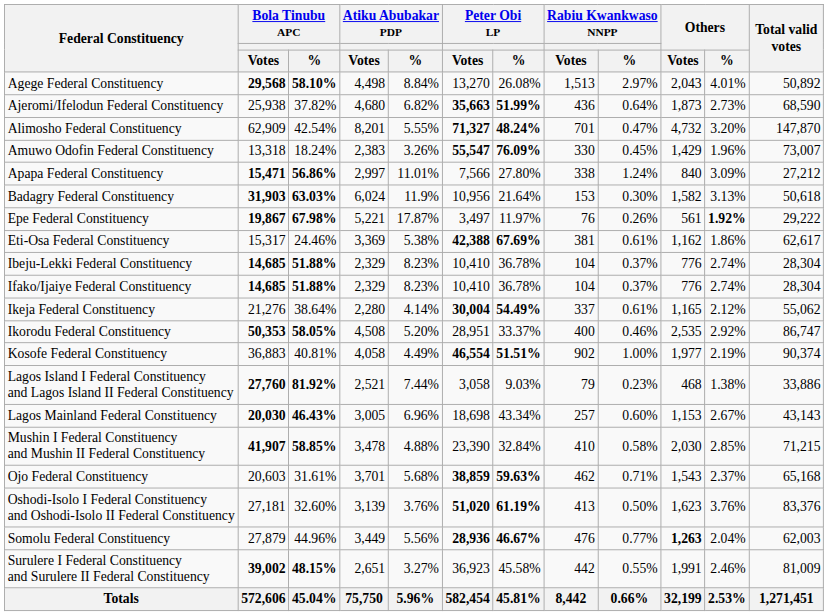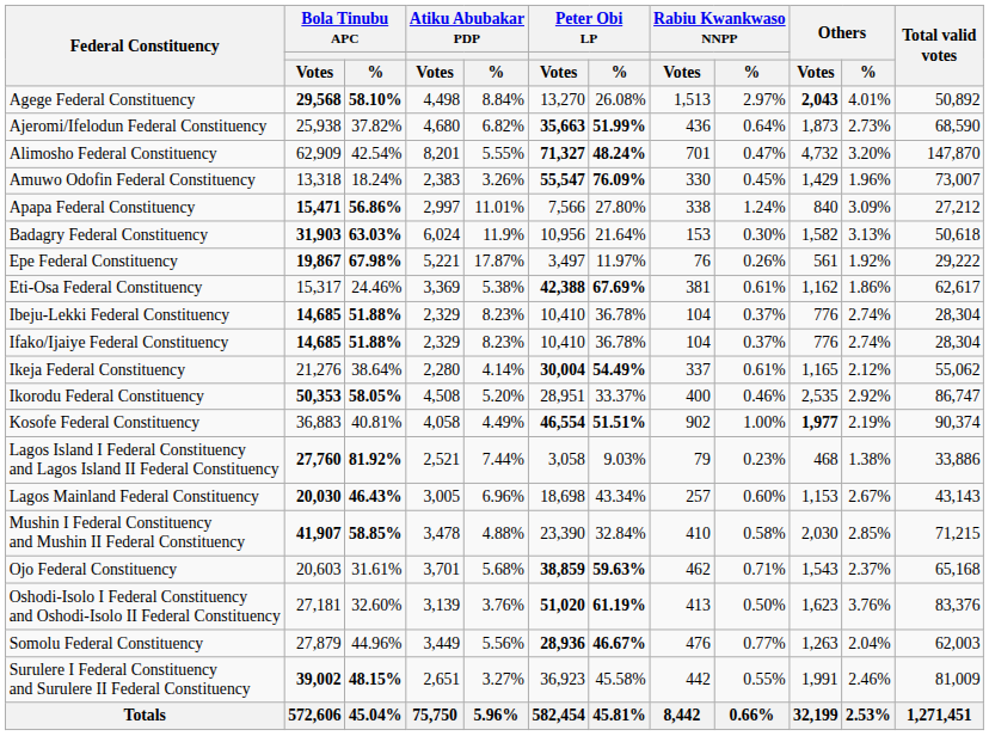 <table class="wikitable sortable" style="text-align:right; font-size:90%">
 <tr>
 <th rowspan="3" style="max-width:7.5em;">Federal Constituency</th>
 <th colspan="2"><a href='#'>Bola Tinubu</a><br><small>APC</small></th>
 <th colspan="2"><a href='#'>Atiku Abubakar</a><br><small>PDP</small></th>
 <th colspan="2"><a href='#'>Peter Obi</a><br><small>LP</small></th>
 <th colspan="2"><a href='#'>Rabiu Kwankwaso</a><br><small>NNPP</small></th>
 <th colspan="2" rowspan="2">Others</th>
 <th rowspan="3" style="max-width:5em;">Total valid votes</th>
 </tr>
 <tr>
 <th colspan=2 style="background-color:"></th>
 <th colspan=2 style="background-color:"></th>
 <th colspan=2 style="background-color:"></th>
 <th colspan=2 style="background-color:"></th>
 </tr>
 <tr>
 <th>Votes</th>
 <th>%</th>
 <th>Votes</th>
 <th>%</th>
 <th>Votes</th>
 <th>%</th>
 <th>Votes</th>
 <th>%</th>
 <th>Votes</th>
 <th>%</th>
 </tr>
 <tr style="background-color:#">
 <td style="text-align:left;">Agege Federal Constituency</td>
 <td><strong>29,568</strong></td>
 <td><strong>58.10%</strong></td>
 <td>4,498</td>
 <td>8.84%</td>
 <td>13,270</td>
 <td>26.08%</td>
 <td>1,513</td>
 <td>2.97%</td>
-<td>2,043</td>
+<td><strong>2,043</strong></td>
 <td>4.01%</td>
 <td>50,892</td>
 </tr>
 <tr style="background-color:#">
 <td style="text-align:left;">Ajeromi/Ifelodun Federal Constituency</td>
 <td>25,938</td>
 <td>37.82%</td>
 <td>4,680</td>
 <td>6.82%</td>
 <td><strong>35,663</strong></td>
 <td><strong>51.99%</strong></td>
 <td>436</td>
 <td>0.64%</td>
 <td>1,873</td>
 <td>2.73%</td>
 <td>68,590</td>
 </tr>
 <tr style="background-color:#">
 <td style="text-align:left;">Alimosho Federal Constituency</td>
 <td>62,909</td>
 <td>42.54%</td>
 <td>8,201</td>
 <td>5.55%</td>
 <td><strong>71,327</strong></td>
 <td><strong>48.24%</strong></td>
 <td>701</td>
 <td>0.47%</td>
 <td>4,732</td>
 <td>3.20%</td>
 <td>147,870</td>
 </tr>
 <tr style="background-color:#">
 <td style="text-align:left;">Amuwo Odofin Federal Constituency</td>
 <td>13,318</td>
 <td>18.24%</td>
 <td>2,383</td>
 <td>3.26%</td>
 <td><strong>55,547</strong></td>
 <td><strong>76.09%</strong></td>
 <td>330</td>
 <td>0.45%</td>
 <td>1,429</td>
 <td>1.96%</td>
 <td>73,007</td>
 </tr>
 <tr style="background-color:#">
 <td style="text-align:left;">Apapa Federal Constituency</td>
 <td><strong>15,471</strong></td>
 <td><strong>56.86%</strong></td>
 <td>2,997</td>
 <td>11.01%</td>
 <td>7,566</td>
 <td>27.80%</td>
 <td>338</td>
 <td>1.24%</td>
 <td>840</td>
 <td>3.09%</td>
 <td>27,212</td>
 </tr>
 <tr style="background-color:#">
 <td style="text-align:left;">Badagry Federal Constituency</td>
 <td><strong>31,903</strong></td>
 <td><strong>63.03%</strong></td>
 <td>6,024</td>
 <td>11.9%</td>
 <td>10,956</td>
 <td>21.64%</td>
 <td>153</td>
 <td>0.30%</td>
 <td>1,582</td>
 <td>3.13%</td>
 <td>50,618</td>
 </tr>
 <tr style="background-color:#">
 <td style="text-align:left;">Epe Federal Constituency</td>
 <td><strong>19,867</strong></td>
 <td><strong>67.98%</strong></td>
 <td>5,221</td>
 <td>17.87%</td>
 <td>3,497</td>
 <td>11.97%</td>
 <td>76</td>
 <td>0.26%</td>
 <td>561</td>
-<td><strong>1.92%</strong></td>
+<td>1.92%</td>
 <td>29,222</td>
 </tr>
 <tr style="background-color:#">
 <td style="text-align:left;">Eti-Osa Federal Constituency</td>
 <td>15,317</td>
 <td>24.46%</td>
 <td>3,369</td>
 <td>5.38%</td>
 <td><strong>42,388</strong></td>
 <td><strong>67.69%</strong></td>
 <td>381</td>
 <td>0.61%</td>
 <td>1,162</td>
 <td>1.86%</td>
 <td>62,617</td>
 </tr>
 <tr style="background-color:#">
 <td style="text-align:left;">Ibeju-Lekki Federal Constituency</td>
 <td><strong>14,685</strong></td>
 <td><strong>51.88%</strong></td>
 <td>2,329</td>
 <td>8.23%</td>
 <td>10,410</td>
 <td>36.78%</td>
 <td>104</td>
 <td>0.37%</td>
 <td>776</td>
 <td>2.74%</td>
 <td>28,304</td>
 </tr>
 <tr style="background-color:#">
 <td style="text-align:left;">Ifako/Ijaiye Federal Constituency</td>
 <td><strong>14,685</strong></td>
 <td><strong>51.88%</strong></td>
 <td>2,329</td>
 <td>8.23%</td>
 <td>10,410</td>
 <td>36.78%</td>
 <td>104</td>
 <td>0.37%</td>
 <td>776</td>
 <td>2.74%</td>
 <td>28,304</td>
 </tr>
 <tr style="background-color:#">
 <td style="text-align:left;">Ikeja Federal Constituency</td>
 <td>21,276</td>
 <td>38.64%</td>
 <td>2,280</td>
 <td>4.14%</td>
 <td><strong>30,004</strong></td>
 <td><strong>54.49%</strong></td>
 <td>337</td>
 <td>0.61%</td>
 <td>1,165</td>
 <td>2.12%</td>
 <td>55,062</td>
 </tr>
 <tr style="background-color:#">
 <td style="text-align:left;">Ikorodu Federal Constituency</td>
 <td><strong>50,353</strong></td>
 <td><strong>58.05%</strong></td>
 <td>4,508</td>
 <td>5.20%</td>
 <td>28,951</td>
 <td>33.37%</td>
 <td>400</td>
 <td>0.46%</td>
 <td>2,535</td>
 <td>2.92%</td>
 <td>86,747</td>
 </tr>
 <tr style="background-color:#">
 <td style="text-align:left;">Kosofe Federal Constituency</td>
 <td>36,883</td>
 <td>40.81%</td>
 <td>4,058</td>
 <td>4.49%</td>
 <td><strong>46,554</strong></td>
 <td><strong>51.51%</strong></td>
 <td>902</td>
 <td>1.00%</td>
-<td>1,977</td>
+<td><strong>1,977</strong></td>
 <td>2.19%</td>
 <td>90,374</td>
 </tr>
 <tr style="background-color:#">
 <td style="text-align:left;">Lagos Island I Federal Constituency<br>and Lagos Island II Federal Constituency</td>
 <td><strong>27,760</strong></td>
 <td><strong>81.92%</strong></td>
 <td>2,521</td>
 <td>7.44%</td>
 <td>3,058</td>
 <td>9.03%</td>
 <td>79</td>
 <td>0.23%</td>
 <td>468</td>
 <td>1.38%</td>
 <td>33,886</td>
 </tr>
 <tr style="background-color:#">
 <td style="text-align:left;">Lagos Mainland Federal Constituency</td>
 <td><strong>20,030</strong></td>
 <td><strong>46.43%</strong></td>
 <td>3,005</td>
 <td>6.96%</td>
 <td>18,698</td>
 <td>43.34%</td>
 <td>257</td>
 <td>0.60%</td>
 <td>1,153</td>
 <td>2.67%</td>
 <td>43,143</td>
 </tr>
 <tr style="background-color:#">
 <td style="text-align:left;">Mushin I Federal Constituency<br>and Mushin II Federal Constituency</td>
 <td><strong>41,907</strong></td>
 <td><strong>58.85%</strong></td>
 <td>3,478</td>
 <td>4.88%</td>
 <td>23,390</td>
 <td>32.84%</td>
 <td>410</td>
 <td>0.58%</td>
 <td>2,030</td>
 <td>2.85%</td>
 <td>71,215</td>
 </tr>
 <tr style="background-color:#">
 <td style="text-align:left;">Ojo Federal Constituency</td>
 <td>20,603</td>
 <td>31.61%</td>
 <td>3,701</td>
 <td>5.68%</td>
 <td><strong>38,859</strong></td>
 <td><strong>59.63%</strong></td>
 <td>462</td>
 <td>0.71%</td>
 <td>1,543</td>
 <td>2.37%</td>
 <td>65,168</td>
 </tr>
 <tr style="background-color:#">
 <td style="text-align:left;">Oshodi-Isolo I Federal Constituency<br>and Oshodi-Isolo II Federal Constituency</td>
 <td>27,181</td>
 <td>32.60%</td>
 <td>3,139</td>
 <td>3.76%</td>
 <td><strong>51,020</strong></td>
 <td><strong>61.19%</strong></td>
 <td>413</td>
 <td>0.50%</td>
 <td>1,623</td>
 <td>3.76%</td>
 <td>83,376</td>
 </tr>
 <tr style="background-color:#">
 <td style="text-align:left;">Somolu Federal Constituency</td>
 <td>27,879</td>
 <td>44.96%</td>
 <td>3,449</td>
 <td>5.56%</td>
 <td><strong>28,936</strong></td>
 <td><strong>46.67%</strong></td>
 <td>476</td>
 <td>0.77%</td>
-<td><strong>1,263</strong></td>
+<td>1,263</td>
 <td>2.04%</td>
 <td>62,003</td>
 </tr>
 <tr style="background-color:#">
 <td style="text-align:left;">Surulere I Federal Constituency<br>and Surulere II Federal Constituency</td>
 <td><strong>39,002</strong></td>
 <td><strong>48.15%</strong></td>
 <td>2,651</td>
 <td>3.27%</td>
 <td>36,923</td>
 <td>45.58%</td>
 <td>442</td>
 <td>0.55%</td>
 <td>1,991</td>
 <td>2.46%</td>
 <td>81,009</td>
 </tr>
 <tr>
 <th>Totals</th>
 <th>572,606</th>
 <th>45.04%</th>
 <th>75,750</th>
 <th>5.96%</th>
 <th>582,454</th>
 <th>45.81%</th>
 <th>8,442</th>
 <th>0.66%</th>
 <th>32,199</th>
 <th>2.53%</th>
 <th>1,271,451</th>
 </tr>
 </table>
